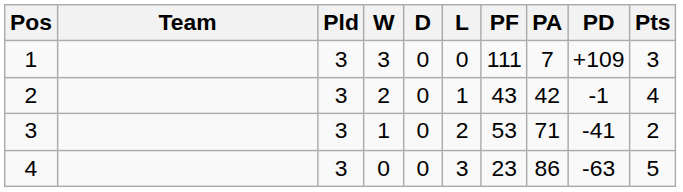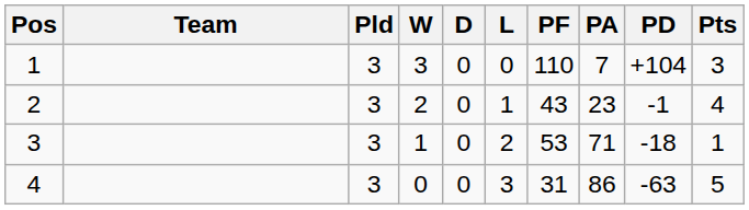 <table class="wikitable" style="text-align:center">
 <tr>
 <th width=20 abbr="Position">Pos</th>
 <th width=175>Team</th>
 <th width=20 abbr="Played">Pld</th>
 <th width=20 abbr="Won">W</th>
 <th width=20 abbr="Drawn">D</th>
 <th width=20 abbr="Lost">L</th>
 <th width=20 abbr="Points for">PF</th>
 <th width=20 abbr="Points against">PA</th>
 <th width=25 abbr="Points difference">PD</th>
 <th width=20 abbr="Points">Pts</th>
 </tr>
 <tr>
 <td>1</td>
 <td style="text-align:left"></td>
 <td>3</td>
 <td>3</td>
 <td>0</td>
 <td>0</td>
-<td>111</td>
+<td>110</td>
 <td>7</td>
-<td>+109</td>
+<td>+104</td>
 <td>3</td>
 </tr>
 <tr>
 <td>2</td>
 <td style="text-align:left"></td>
 <td>3</td>
 <td>2</td>
 <td>0</td>
 <td>1</td>
 <td>43</td>
-<td>42</td>
+<td>23</td>
 <td>-1</td>
 <td>4</td>
 </tr>
 <tr>
 <td>3</td>
 <td style="text-align:left"></td>
 <td>3</td>
 <td>1</td>
 <td>0</td>
 <td>2</td>
 <td>53</td>
 <td>71</td>
-<td>-41</td>
-<td>2</td>
+<td>-18</td>
+<td>1</td>
 </tr>
 <tr>
 <td>4</td>
 <td style="text-align:left"></td>
 <td>3</td>
 <td>0</td>
 <td>0</td>
 <td>3</td>
-<td>23</td>
+<td>31</td>
 <td>86</td>
 <td>-63</td>
 <td>5</td>
 </tr>
 </table>
